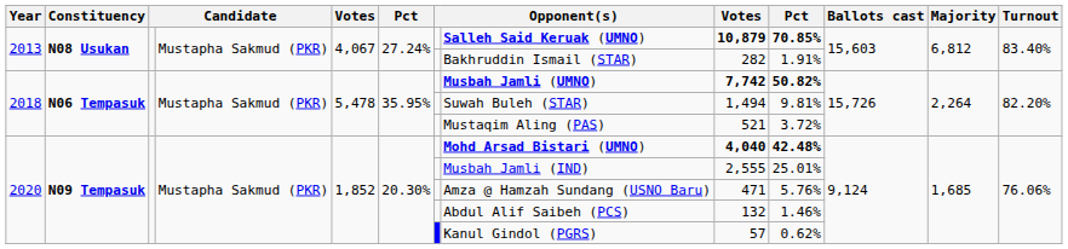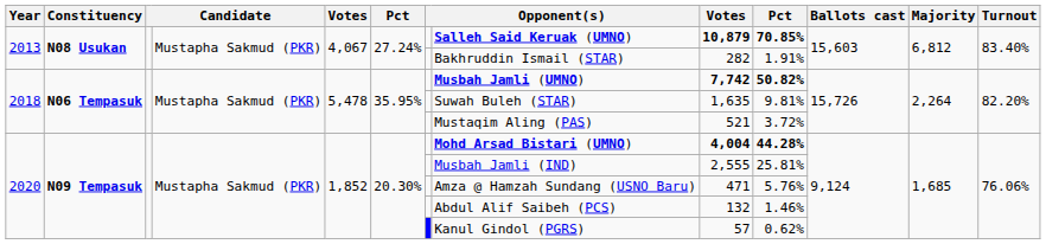 <table class="wikitable" style="margin:0.5em ; font-size:95%">
 <tr>
 <th>Year</th>
 <th>Constituency</th>
 <th colspan=2>Candidate</th>
 <th>Votes</th>
 <th>Pct</th>
 <th colspan=2>Opponent(s)</th>
 <th>Votes</th>
 <th>Pct</th>
 <th>Ballots cast</th>
 <th>Majority</th>
 <th>Turnout</th>
 </tr>
 <tr>
 <td rowspan=2><a href='#'>2013</a></td>
 <td rowspan=2><strong>N08 <a href='#'>Usukan</a></strong></td>
 <td rowspan=2 ></td>
 <td rowspan=2>Mustapha Sakmud (<a href='#'>PKR</a>)</td>
 <td rowspan=2 align="right">4,067</td>
 <td rowspan=2>27.24%</td>
 <td></td>
 <td><strong><a href='#'>Salleh Said Keruak</a></strong> (<a href='#'><strong>UMNO</strong></a>)</td>
 <td align="right"><strong>10,879</strong></td>
 <td><strong>70.85%</strong></td>
 <td rowspan=2>15,603</td>
 <td rowspan=2>6,812</td>
 <td rowspan=2>83.40%</td>
 </tr>
 <tr>
 <td></td>
 <td>Bakhruddin Ismail (<a href='#'>STAR</a>)</td>
 <td align="right">282</td>
 <td align="right">1.91%</td>
 </tr>
 <tr>
 <td rowspan=3><a href='#'>2018</a></td>
 <td rowspan=3><strong>N06 <a href='#'>Tempasuk</a></strong></td>
 <td rowspan=3 ></td>
 <td rowspan=3>Mustapha Sakmud (<a href='#'>PKR</a>)</td>
 <td rowspan=3 align="right">5,478</td>
 <td rowspan=3>35.95%</td>
 <td></td>
 <td><strong><a href='#'>Musbah Jamli</a></strong> (<a href='#'><strong>UMNO</strong></a>)</td>
 <td align="right"><strong>7,742</strong></td>
 <td><strong>50.82%</strong></td>
 <td rowspan=3>15,726</td>
 <td rowspan=3>2,264</td>
 <td rowspan=3>82.20%</td>
 </tr>
 <tr>
 <td></td>
 <td>Suwah Buleh (<a href='#'>STAR</a>)</td>
-<td align="right">1,494</td>
+<td align="right">1,635</td>
 <td align="right">9.81%</td>
 </tr>
 <tr>
 <td></td>
 <td>Mustaqim Aling (<a href='#'>PAS</a>)</td>
 <td align="right">521</td>
 <td align="right">3.72%</td>
 </tr>
 <tr>
 <td rowspan="5"><a href='#'>2020</a></td>
 <td rowspan="5"><strong>N09 <a href='#'>Tempasuk</a></strong></td>
 <td rowspan="5" ></td>
 <td rowspan="5">Mustapha Sakmud (<a href='#'>PKR</a>)</td>
 <td rowspan="5" align="right">1,852</td>
 <td rowspan="5">20.30%</td>
 <td></td>
 <td><strong><a href='#'>Mohd Arsad Bistari</a></strong> (<a href='#'><strong>UMNO</strong></a>)</td>
-<td align="right"><strong>4,040</strong></td>
-<td><strong>42.48%</strong></td>
+<td align="right"><strong>4,004</strong></td>
+<td><strong>44.28%</strong></td>
 <td rowspan="5">9,124</td>
 <td rowspan="5">1,685</td>
 <td rowspan="5">76.06%</td>
 </tr>
 <tr>
 <td></td>
 <td><a href='#'>Musbah Jamli</a> (<a href='#'>IND</a>)</td>
 <td align="right">2,555</td>
-<td>25.01%</td>
+<td>25.81%</td>
 </tr>
 <tr>
 <td bgcolor = ></td>
 <td>Amza @ Hamzah Sundang (<a href='#'>USNO Baru</a>)</td>
 <td align="right">471</td>
 <td align="right">5.76%</td>
 </tr>
 <tr>
 <td bgcolor= ></td>
 <td>Abdul Alif Saibeh (<a href='#'>PCS</a>)</td>
 <td align="right">132</td>
 <td align="right">1.46%</td>
 </tr>
 <tr>
 <td bgcolor= blue></td>
 <td>Kanul Gindol (<a href='#'>PGRS</a>)</td>
 <td align="right">57</td>
 <td align="right">0.62%</td>
 </tr>
 </table>
